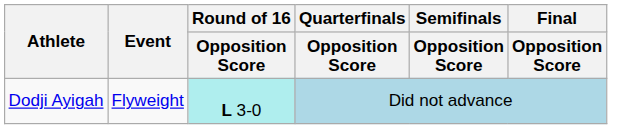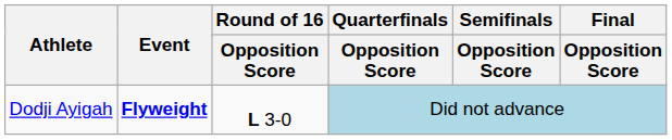 <table class="wikitable" border="1" style="font-size:90%">
 <tr>
 <th rowspan=2>Athlete</th>
 <th rowspan=2>Event</th>
 <th>Round of 16</th>
 <th>Quarterfinals</th>
 <th>Semifinals</th>
 <th colspan=2>Final</th>
 </tr>
 <tr>
 <th>Opposition<br>Score</th>
 <th>Opposition<br>Score</th>
 <th>Opposition<br>Score</th>
 <th>Opposition<br>Score</th>
 </tr>
 <tr>
 <td><a href='#'>Dodji Ayigah</a></td>
-<td><a href='#'>Flyweight</a></td>
-<td align=center style="background: paleturquoise;"><br> <strong>L</strong> 3-0</td>
+<td><strong><a href='#'>Flyweight</a></strong></td>
+<td align=center><br> <strong>L</strong> 3-0</td>
 <td colspan=3 bgcolor=lightblue align=center>Did not advance</td>
 </tr>
 </table>
